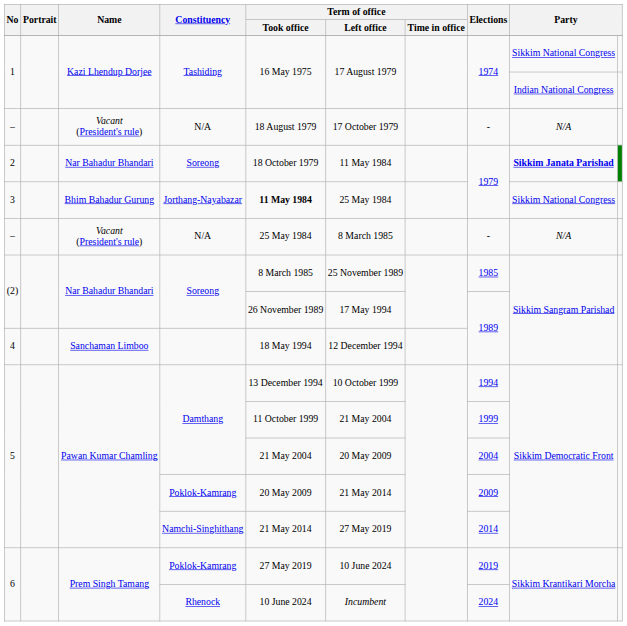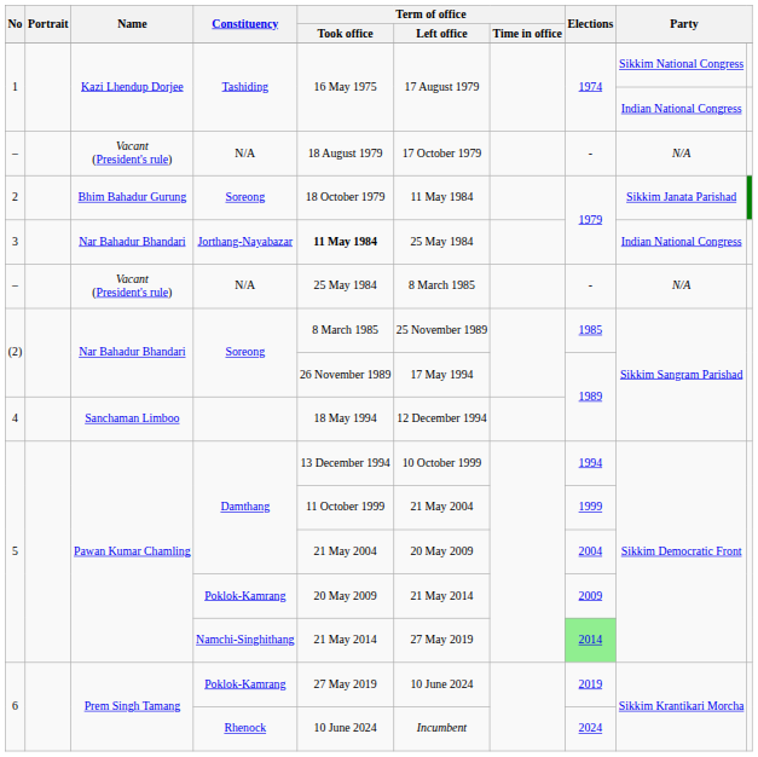 <table class="wikitable" style="text-align:center">
 <tr>
 <th rowspan=2>No</th>
 <th rowspan=2>Portrait</th>
 <th rowspan=2>Name</th>
 <th rowspan=2><a href='#'>Constituency</a></th>
 <th colspan=3>Term of office</th>
 <th rowspan="2">Elections</th>
 <th colspan="2" rowspan="2">Party</th>
 </tr>
 <tr>
 <th>Took office</th>
 <th>Left office</th>
 <th>Time in office</th>
 </tr>
 <tr>
 </tr>
 <tr align=center style="height: 60px;">
 <td rowspan="2">1</td>
 <td rowspan="2"></td>
 <td rowspan="2"><a href='#'>Kazi Lhendup Dorjee</a></td>
 <td rowspan="2"><a href='#'>Tashiding</a></td>
 <td rowspan="2">16 May 1975</td>
 <td rowspan="2">17 August 1979</td>
 <td rowspan="2"></td>
 <td rowspan="2"><a href='#'>1974</a></td>
 <td><a href='#'>Sikkim National Congress</a></td>
 <td style="background-color: "></td>
 </tr>
 <tr align="center" style="height: 60px;">
 <td><a href='#'>Indian National Congress</a></td>
 <td style="background-color: "></td>
 </tr>
 <tr align=center style="height: 60px;">
 <td>–</td>
 <td></td>
 <td><em>Vacant</em><br>(<a href='#'>President's rule</a>)</td>
 <td>N/A</td>
 <td>18 August 1979</td>
 <td>17 October 1979</td>
 <td></td>
 <td>-</td>
 <td><em>N/A</em></td>
 <td></td>
 </tr>
 <tr align=center style="height: 60px;">
 <td>2</td>
 <td></td>
-<td><a href='#'>Nar Bahadur Bhandari</a></td>
+<td><a href='#'>Bhim Bahadur Gurung</a></td>
 <td><a href='#'>Soreong</a></td>
 <td>18 October 1979</td>
 <td>11 May 1984</td>
 <td></td>
 <td rowspan="2"><a href='#'>1979</a></td>
-<td><strong><a href='#'>Sikkim Janata Parishad</a></strong></td>
+<td><a href='#'>Sikkim Janata Parishad</a></td>
 <td style="background-color: green"></td>
 </tr>
 <tr align=center style="height: 60px;">
 <td>3</td>
 <td></td>
-<td><a href='#'>Bhim Bahadur Gurung</a></td>
+<td><a href='#'>Nar Bahadur Bhandari</a></td>
 <td><a href='#'>Jorthang-Nayabazar</a></td>
 <td><strong>11 May 1984</strong></td>
 <td>25 May 1984</td>
 <td></td>
-<td><a href='#'>Sikkim National Congress</a></td>
+<td><a href='#'>Indian National Congress</a></td>
 <td style="background-color: "></td>
 </tr>
 <tr align=center style="height: 60px;">
 <td>–</td>
 <td></td>
 <td><em>Vacant</em><br>(<a href='#'>President's rule</a>)</td>
 <td>N/A</td>
 <td>25 May 1984</td>
 <td>8 March 1985</td>
 <td></td>
 <td>-</td>
 <td><em>N/A</em></td>
 <td></td>
 </tr>
 <tr align=center style="height: 60px;">
 <td rowspan=2>(2)</td>
 <td rowspan="2"></td>
 <td rowspan=2><a href='#'>Nar Bahadur Bhandari</a></td>
 <td rowspan=2><a href='#'>Soreong</a></td>
 <td>8 March 1985</td>
 <td>25 November 1989</td>
 <td rowspan="2"></td>
 <td><a href='#'>1985</a></td>
 <td rowspan="3"><a href='#'>Sikkim Sangram Parishad</a></td>
 <td rowspan=3 style="background-color: "></td>
 </tr>
 <tr align=center style="height: 60px;">
 <td>26 November 1989</td>
 <td>17 May 1994</td>
 <td rowspan="2"><a href='#'>1989</a></td>
 </tr>
 <tr |- align=center style="height: 60px;">
 <td>4</td>
 <td></td>
 <td><a href='#'>Sanchaman Limboo</a></td>
 <td></td>
 <td>18 May 1994</td>
 <td>12 December 1994</td>
 <td></td>
 </tr>
 <tr align=center style="height: 60px;">
 <td rowspan=5>5</td>
 <td rowspan="5"></td>
 <td rowspan=5><a href='#'>Pawan Kumar Chamling</a></td>
 <td rowspan=3><a href='#'>Damthang</a></td>
 <td>13 December 1994</td>
 <td>10 October 1999</td>
 <td rowspan="5"></td>
 <td><a href='#'>1994</a></td>
 <td rowspan="5"><a href='#'>Sikkim Democratic Front</a></td>
 <td rowspan=5 style="background-color: "></td>
 </tr>
 <tr align=center style="height: 60px;">
 <td>11 October 1999</td>
 <td>21 May 2004</td>
 <td><a href='#'>1999</a></td>
 </tr>
 <tr align=center style="height: 60px;">
 <td>21 May 2004</td>
 <td>20 May 2009</td>
 <td><a href='#'>2004</a></td>
 </tr>
 <tr align=center style="height: 60px;">
 <td><a href='#'>Poklok-Kamrang</a></td>
 <td>20 May 2009</td>
 <td>21 May 2014</td>
 <td><a href='#'>2009</a></td>
 </tr>
 <tr align=center style="height: 60px;">
 <td><a href='#'>Namchi-Singhithang</a></td>
 <td>21 May 2014</td>
 <td>27 May 2019</td>
-<td><a href='#'>2014</a></td>
+<td style="background: lightgreen;"><a href='#'>2014</a></td>
 </tr>
 <tr align=center style="height: 60px;">
 <td rowspan=2>6</td>
 <td rowspan="2"></td>
 <td rowspan=2><a href='#'>Prem Singh Tamang</a></td>
 <td><a href='#'>Poklok-Kamrang</a></td>
 <td>27 May 2019</td>
 <td>10 June 2024</td>
 <td rowspan=2></td>
 <td><a href='#'>2019</a></td>
 <td rowspan=2><a href='#'>Sikkim Krantikari Morcha</a></td>
 <td rowspan=2 style="background-color: "></td>
 </tr>
 <tr align=center style="height: 60px;">
 <td><a href='#'>Rhenock</a></td>
 <td>10 June 2024</td>
 <td><em>Incumbent</em></td>
 <td><a href='#'>2024</a></td>
 </tr>
 </table>
